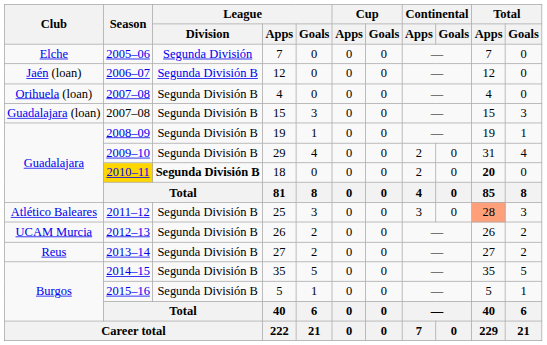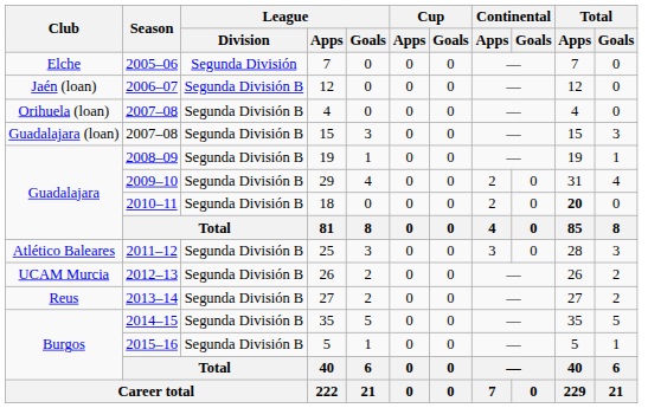 <table class="wikitable" style="text-align: center;">
 <tr>
 <th rowspan="2">Club</th>
 <th rowspan="2">Season</th>
 <th colspan="3">League</th>
 <th colspan="2">Cup</th>
 <th colspan="2">Continental</th>
 <th colspan="2">Total</th>
 </tr>
 <tr>
 <th>Division</th>
 <th>Apps</th>
 <th>Goals</th>
 <th>Apps</th>
 <th>Goals</th>
 <th>Apps</th>
 <th>Goals</th>
 <th>Apps</th>
 <th>Goals</th>
 </tr>
 <tr>
 <td rowspan="1"><a href='#'>Elche</a></td>
 <td><a href='#'>2005–06</a></td>
 <td><a href='#'>Segunda División</a></td>
 <td>7</td>
 <td>0</td>
 <td>0</td>
 <td>0</td>
 <td colspan="2">—</td>
 <td>7</td>
 <td>0</td>
 </tr>
 <tr>
 <td><a href='#'>Jaén</a> (loan)</td>
 <td><a href='#'>2006–07</a></td>
 <td><a href='#'>Segunda División B</a></td>
 <td>12</td>
 <td>0</td>
 <td>0</td>
 <td>0</td>
 <td colspan="2">—</td>
 <td>12</td>
 <td>0</td>
 </tr>
 <tr>
 <td><a href='#'>Orihuela</a> (loan)</td>
 <td><a href='#'>2007–08</a></td>
 <td>Segunda División B</td>
 <td>4</td>
 <td>0</td>
 <td>0</td>
 <td>0</td>
 <td colspan="2">—</td>
 <td>4</td>
 <td>0</td>
 </tr>
 <tr>
 <td rowspan="1"><a href='#'>Guadalajara</a> (loan)</td>
 <td>2007–08</td>
 <td>Segunda División B</td>
 <td>15</td>
 <td>3</td>
 <td>0</td>
 <td>0</td>
 <td colspan="2">—</td>
 <td>15</td>
 <td>3</td>
 </tr>
 <tr>
 <td rowspan="4"><a href='#'>Guadalajara</a></td>
 <td><a href='#'>2008–09</a></td>
 <td>Segunda División B</td>
 <td>19</td>
 <td>1</td>
 <td>0</td>
 <td>0</td>
 <td colspan="2">—</td>
 <td>19</td>
 <td>1</td>
 </tr>
 <tr>
 <td><a href='#'>2009–10</a></td>
 <td>Segunda División B</td>
 <td>29</td>
 <td>4</td>
 <td>0</td>
 <td>0</td>
 <td>2</td>
 <td>0</td>
 <td>31</td>
 <td>4</td>
 </tr>
 <tr>
-<td style="background: gold;"><a href='#'>2010–11</a></td>
-<td><strong>Segunda División B</strong></td>
+<td><a href='#'>2010–11</a></td>
+<td>Segunda División B</td>
 <td>18</td>
 <td>0</td>
 <td>0</td>
 <td>0</td>
 <td>2</td>
 <td>0</td>
 <td><strong>20</strong></td>
 <td>0</td>
 </tr>
 <tr>
 <th colspan="2">Total</th>
 <th>81</th>
 <th>8</th>
 <th>0</th>
 <th>0</th>
 <th>4</th>
 <th>0</th>
 <th>85</th>
 <th>8</th>
 </tr>
 <tr>
 <td rowspan="1"><a href='#'>Atlético Baleares</a></td>
 <td><a href='#'>2011–12</a></td>
 <td>Segunda División B</td>
 <td>25</td>
 <td>3</td>
 <td>0</td>
 <td>0</td>
 <td>3</td>
 <td>0</td>
-<td style="background: lightsalmon;">28</td>
+<td>28</td>
 <td>3</td>
 </tr>
 <tr>
 <td rowspan="1"><a href='#'>UCAM Murcia</a></td>
 <td><a href='#'>2012–13</a></td>
 <td>Segunda División B</td>
 <td>26</td>
 <td>2</td>
 <td>0</td>
 <td>0</td>
 <td colspan="2">—</td>
 <td>26</td>
 <td>2</td>
 </tr>
 <tr>
 <td rowspan="1"><a href='#'>Reus</a></td>
 <td><a href='#'>2013–14</a></td>
 <td>Segunda División B</td>
 <td>27</td>
 <td>2</td>
 <td>0</td>
 <td>0</td>
 <td colspan="2">—</td>
 <td>27</td>
 <td>2</td>
 </tr>
 <tr>
 <td rowspan="3"><a href='#'>Burgos</a></td>
 <td><a href='#'>2014–15</a></td>
 <td>Segunda División B</td>
 <td>35</td>
 <td>5</td>
 <td>0</td>
 <td>0</td>
 <td colspan="2">—</td>
 <td>35</td>
 <td>5</td>
 </tr>
 <tr>
 <td><a href='#'>2015–16</a></td>
 <td>Segunda División B</td>
 <td>5</td>
 <td>1</td>
 <td>0</td>
 <td>0</td>
 <td colspan="2">—</td>
 <td>5</td>
 <td>1</td>
 </tr>
 <tr>
 <th colspan="2">Total</th>
 <th>40</th>
 <th>6</th>
 <th>0</th>
 <th>0</th>
 <th colspan="2">—</th>
 <th>40</th>
 <th>6</th>
 </tr>
 <tr>
 <th colspan="3">Career total</th>
 <th>222</th>
 <th>21</th>
 <th>0</th>
 <th>0</th>
 <th>7</th>
 <th>0</th>
 <th>229</th>
 <th>21</th>
 </tr>
 </table>
